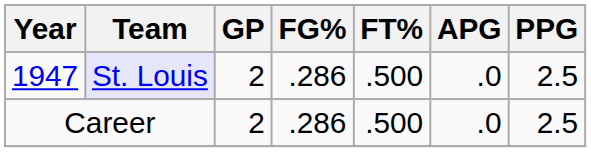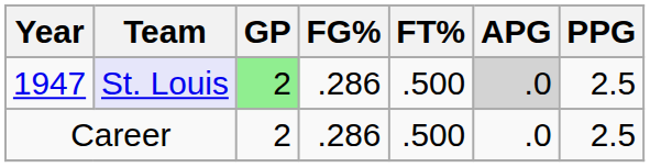 <table class="wikitable sortable" style="font-size:95%; text-align:right;">
 <tr>
 <th>Year</th>
 <th>Team</th>
 <th>GP</th>
 <th>FG%</th>
 <th>FT%</th>
 <th>APG</th>
 <th>PPG</th>
 </tr>
 <tr>
 <td style="text-align:left;"><a href='#'>1947</a></td>
 <td style="background: lavender; text-align:left;"><a href='#'>St. Louis</a></td>
-<td>2</td>
+<td style="background: lightgreen;">2</td>
 <td>.286</td>
 <td>.500</td>
-<td>.0</td>
+<td style="background: lightgrey;">.0</td>
 <td>2.5</td>
 </tr>
 <tr>
 <td style="text-align:center;" colspan="2">Career</td>
 <td>2</td>
 <td>.286</td>
 <td>.500</td>
 <td>.0</td>
 <td>2.5</td>
 </tr>
 <tr>
 </tr>
 </table>
